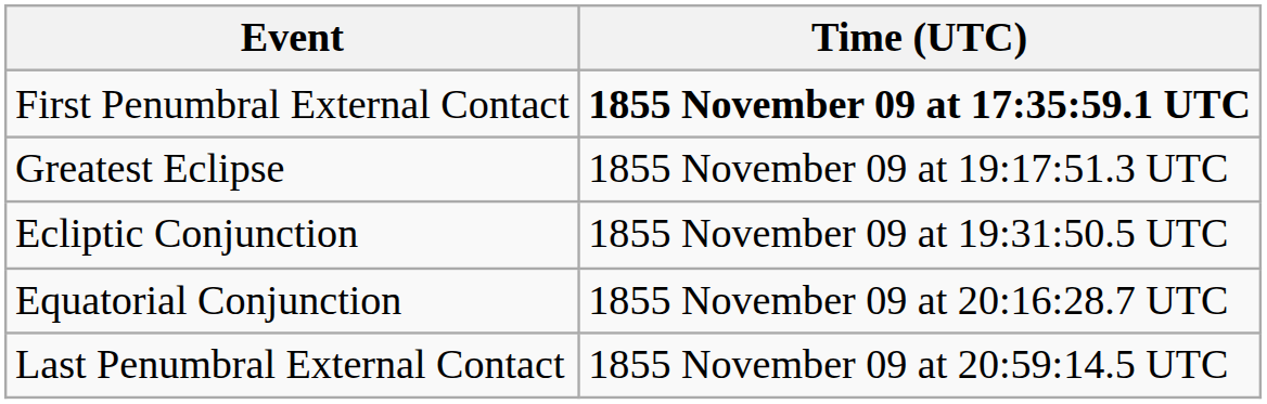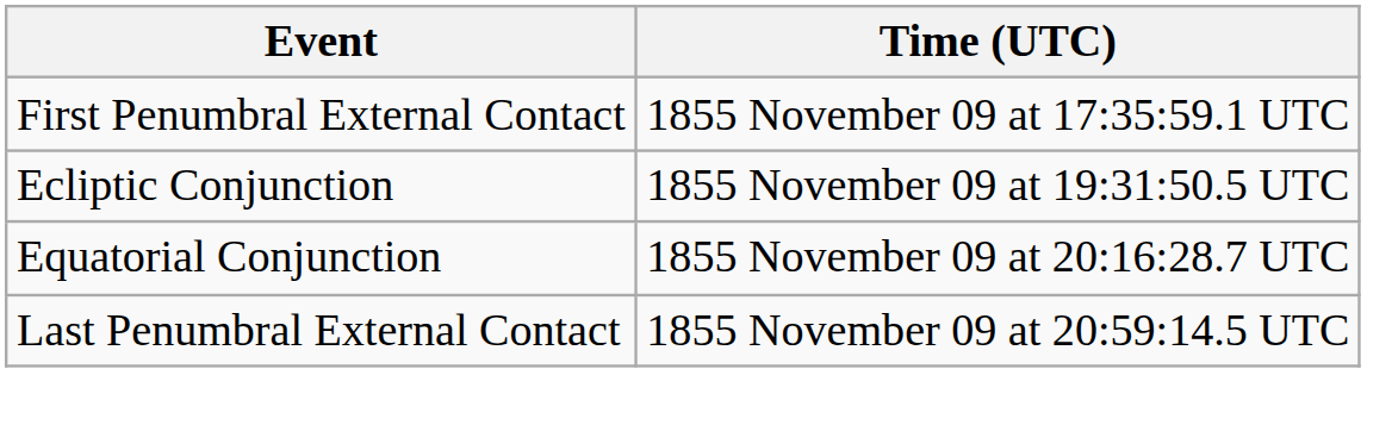 <table class="wikitable">
 <tr>
 <th>Event</th>
 <th>Time (UTC)</th>
 </tr>
 <tr>
 <td>First Penumbral External Contact</td>
-<td><strong>1855 November 09 at 17:35:59.1 UTC</strong></td>
-</tr>
-<tr>
-<td>Greatest Eclipse</td>
-<td>1855 November 09 at 19:17:51.3 UTC</td>
+<td>1855 November 09 at 17:35:59.1 UTC</td>
 </tr>
 <tr>
 <td>Ecliptic Conjunction</td>
 <td>1855 November 09 at 19:31:50.5 UTC</td>
 </tr>
 <tr>
 <td>Equatorial Conjunction</td>
 <td>1855 November 09 at 20:16:28.7 UTC</td>
 </tr>
 <tr>
 <td>Last Penumbral External Contact</td>
 <td>1855 November 09 at 20:59:14.5 UTC</td>
 </tr>
 </table>
